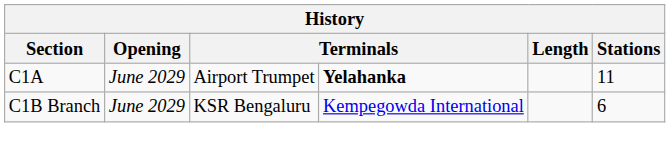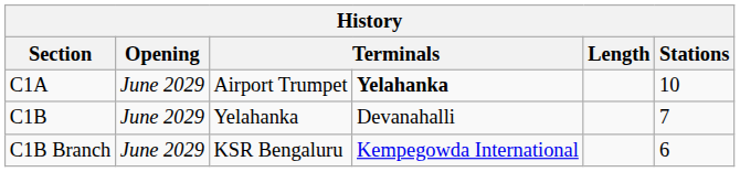 <table class="wikitable">
 <tr>
 <th colspan="6" style="background:#"><span><strong>History</strong></span></th>
 </tr>
 <tr>
 <th>Section</th>
 <th>Opening</th>
 <th colspan="2">Terminals</th>
 <th>Length</th>
 <th>Stations</th>
 </tr>
 <tr>
 <td>C1A</td>
 <td><em>June 2029</em></td>
 <td>Airport Trumpet</td>
 <td><strong>Yelahanka</strong></td>
 <td></td>
-<td>11</td>
+<td>10</td>
+</tr>
+<tr>
+<td>C1B</td>
+<td><em>June 2029</em></td>
+<td>Yelahanka</td>
+<td>Devanahalli</td>
+<td></td>
+<td>7</td>
 </tr>
 <tr>
 <td>C1B Branch</td>
 <td><em>June 2029</em></td>
 <td>KSR Bengaluru</td>
 <td><a href='#'>Kempegowda International</a></td>
 <td></td>
 <td>6</td>
 </tr>
 </table>
